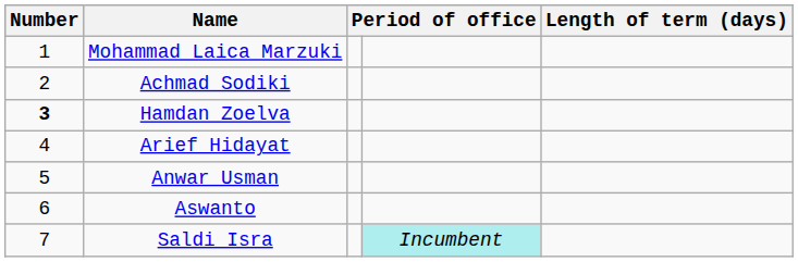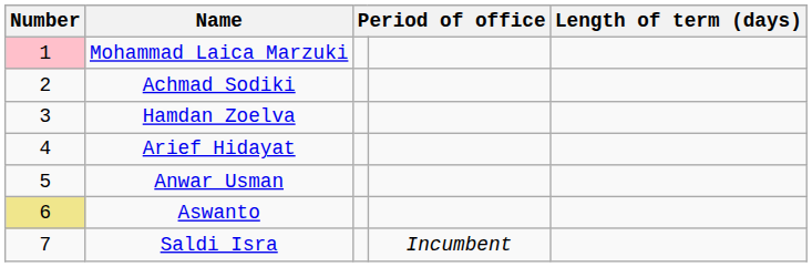 <table class="sortable wikitable ">
 <tr style="background:#B5B5B5">
 <th>Number</th>
 <th class="unsortable">Name</th>
 <th class="unsortable" colspan="2">Period of office</th>
 <th>Length of term (days)</th>
 </tr>
 <tr align="center">
-<td>1</td>
+<td style="background: pink;">1</td>
 <td><a href='#'>Mohammad Laica Marzuki</a></td>
 <td></td>
 <td></td>
 <td></td>
 </tr>
 <tr align="center">
 <td>2</td>
 <td><a href='#'>Achmad Sodiki</a></td>
 <td></td>
 <td></td>
 <td></td>
 </tr>
 <tr align="center">
-<td><strong>3</strong></td>
+<td>3</td>
 <td><a href='#'>Hamdan Zoelva</a></td>
 <td></td>
 <td></td>
 <td></td>
 </tr>
 <tr align="center">
 <td>4</td>
 <td><a href='#'>Arief Hidayat</a></td>
 <td></td>
 <td></td>
 <td></td>
 </tr>
 <tr align="center">
 <td>5</td>
 <td><a href='#'>Anwar Usman</a></td>
 <td></td>
 <td></td>
 <td></td>
 </tr>
 <tr align="center">
-<td>6</td>
+<td style="background: khaki;">6</td>
 <td><a href='#'>Aswanto</a></td>
 <td></td>
 <td></td>
 <td></td>
 </tr>
 <tr align="center">
 <td>7</td>
 <td><a href='#'>Saldi Isra</a></td>
 <td></td>
-<td style="background: paleturquoise;"><em>Incumbent</em></td>
+<td><em>Incumbent</em></td>
 <td></td>
 </tr>
 </table>
